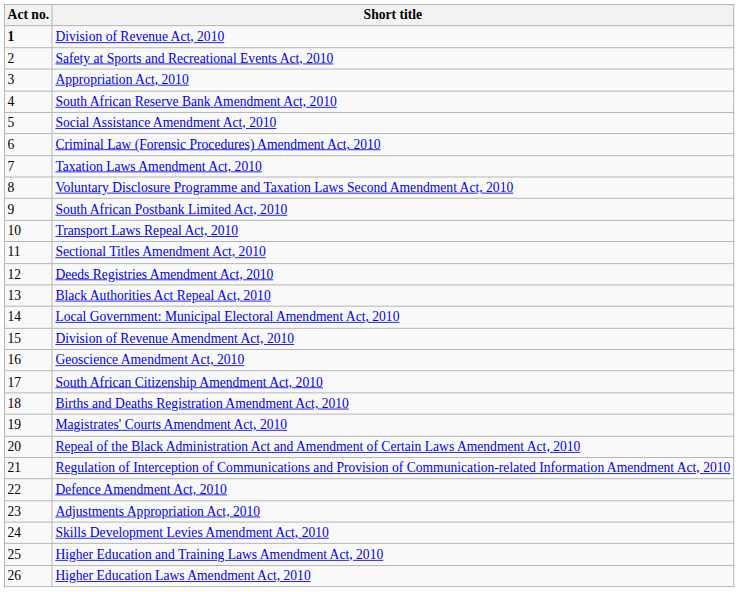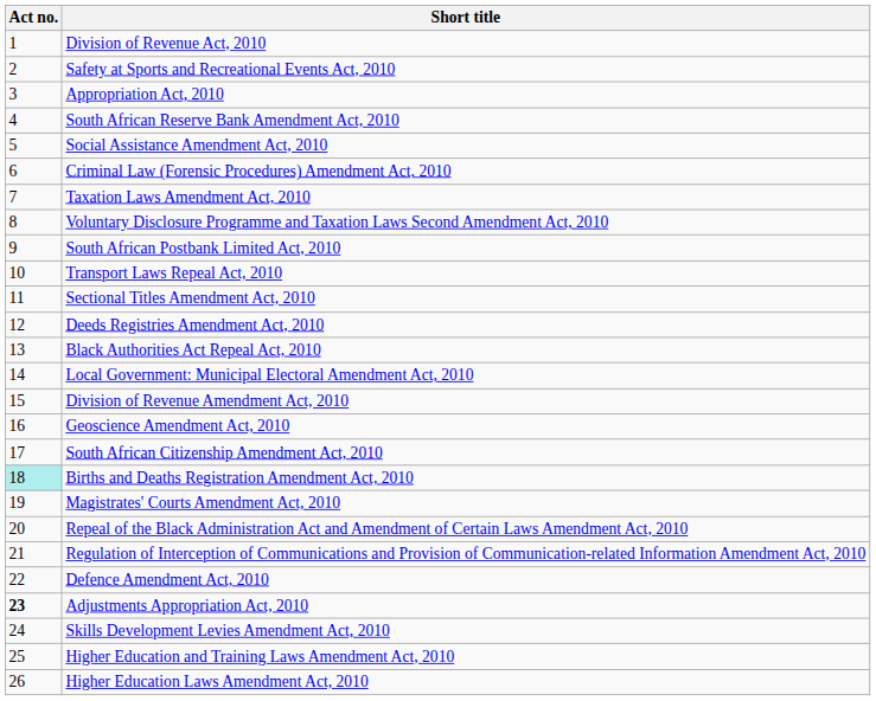 <table class="wikitable sortable">
 <tr>
 <th>Act no.</th>
 <th>Short title</th>
 </tr>
 <tr>
-<td><strong>1</strong></td>
+<td>1</td>
 <td><a href='#'>Division of Revenue Act, 2010</a></td>
 </tr>
 <tr>
 <td>2</td>
 <td><a href='#'>Safety at Sports and Recreational Events Act, 2010</a></td>
 </tr>
 <tr>
 <td>3</td>
 <td><a href='#'>Appropriation Act, 2010</a></td>
 </tr>
 <tr>
 <td>4</td>
 <td><a href='#'>South African Reserve Bank Amendment Act, 2010</a></td>
 </tr>
 <tr>
 <td>5</td>
 <td><a href='#'>Social Assistance Amendment Act, 2010</a></td>
 </tr>
 <tr>
 <td>6</td>
 <td><a href='#'>Criminal Law (Forensic Procedures) Amendment Act, 2010</a></td>
 </tr>
 <tr>
 <td>7</td>
 <td><a href='#'>Taxation Laws Amendment Act, 2010</a></td>
 </tr>
 <tr>
 <td>8</td>
 <td><a href='#'>Voluntary Disclosure Programme and Taxation Laws Second Amendment Act, 2010</a></td>
 </tr>
 <tr>
 <td>9</td>
 <td><a href='#'>South African Postbank Limited Act, 2010</a></td>
 </tr>
 <tr>
 <td>10</td>
 <td><a href='#'>Transport Laws Repeal Act, 2010</a></td>
 </tr>
 <tr>
 <td>11</td>
 <td><a href='#'>Sectional Titles Amendment Act, 2010</a></td>
 </tr>
 <tr>
 <td>12</td>
 <td><a href='#'>Deeds Registries Amendment Act, 2010</a></td>
 </tr>
 <tr>
 <td>13</td>
 <td><a href='#'>Black Authorities Act Repeal Act, 2010</a></td>
 </tr>
 <tr>
 <td>14</td>
 <td><a href='#'>Local Government: Municipal Electoral Amendment Act, 2010</a></td>
 </tr>
 <tr>
 <td>15</td>
 <td><a href='#'>Division of Revenue Amendment Act, 2010</a></td>
 </tr>
 <tr>
 <td>16</td>
 <td><a href='#'>Geoscience Amendment Act, 2010</a></td>
 </tr>
 <tr>
 <td>17</td>
 <td><a href='#'>South African Citizenship Amendment Act, 2010</a></td>
 </tr>
 <tr>
-<td>18</td>
+<td style="background: paleturquoise;">18</td>
 <td><a href='#'>Births and Deaths Registration Amendment Act, 2010</a></td>
 </tr>
 <tr>
 <td>19</td>
 <td><a href='#'>Magistrates' Courts Amendment Act, 2010</a></td>
 </tr>
 <tr>
 <td>20</td>
 <td><a href='#'>Repeal of the Black Administration Act and Amendment of Certain Laws Amendment Act, 2010</a></td>
 </tr>
 <tr>
 <td>21</td>
 <td><a href='#'>Regulation of Interception of Communications and Provision of Communication-related Information Amendment Act, 2010</a></td>
 </tr>
 <tr>
 <td>22</td>
 <td><a href='#'>Defence Amendment Act, 2010</a></td>
 </tr>
 <tr>
-<td>23</td>
+<td><strong>23</strong></td>
 <td><a href='#'>Adjustments Appropriation Act, 2010</a></td>
 </tr>
 <tr>
 <td>24</td>
 <td><a href='#'>Skills Development Levies Amendment Act, 2010</a></td>
 </tr>
 <tr>
 <td>25</td>
 <td><a href='#'>Higher Education and Training Laws Amendment Act, 2010</a></td>
 </tr>
 <tr>
 <td>26</td>
 <td><a href='#'>Higher Education Laws Amendment Act, 2010</a></td>
 </tr>
 </table>
